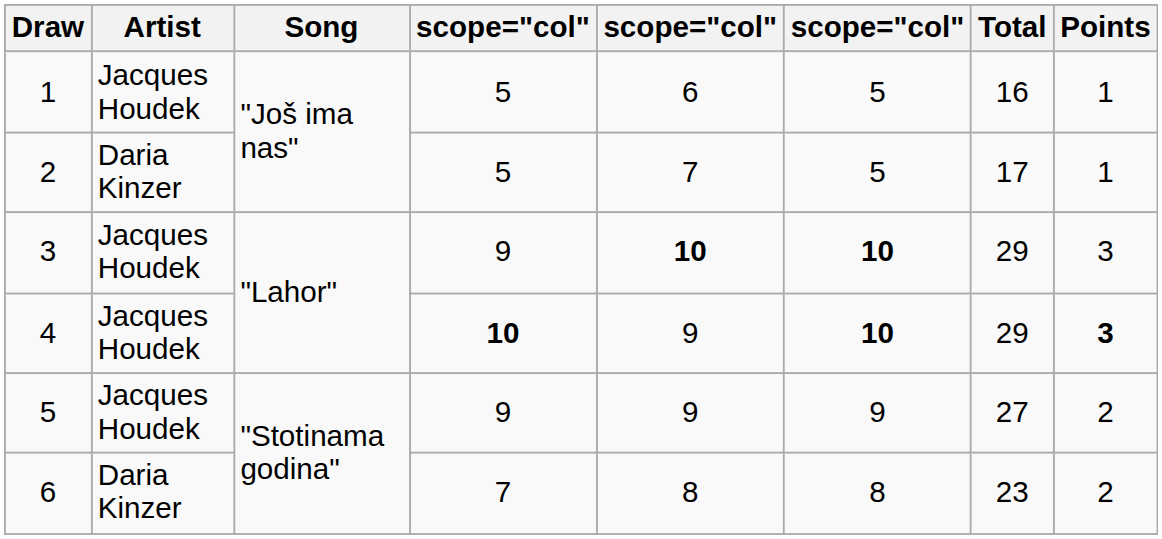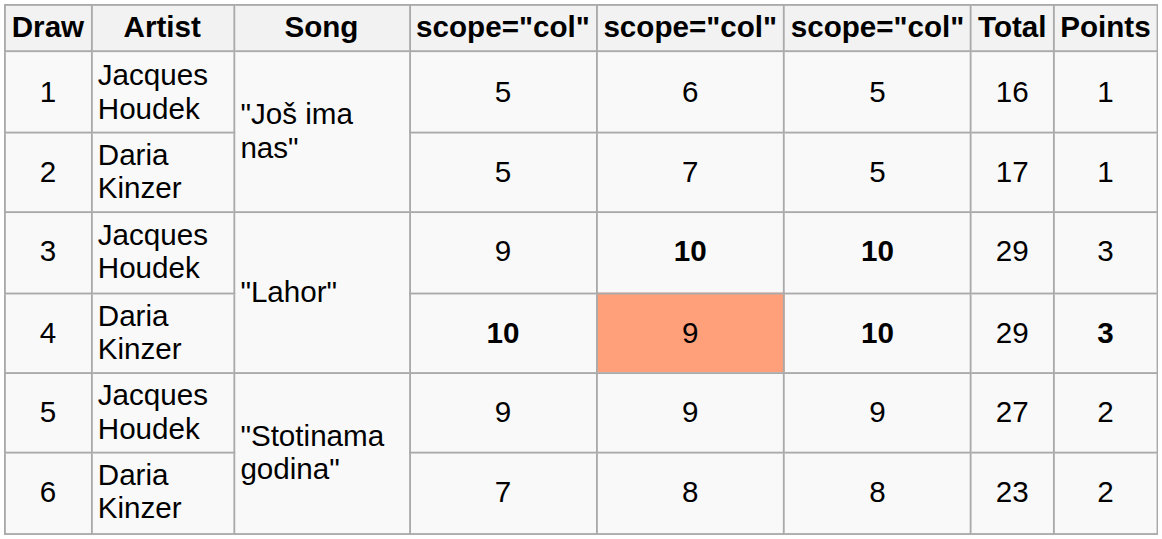 <table class="wikitable collapsible" style="margin: 1em auto 1em auto; text-align:center;">
 <tr>
 <th>Draw</th>
 <th>Artist</th>
 <th>Song</th>
 <th>scope="col" </th>
 <th>scope="col" </th>
 <th>scope="col" </th>
 <th>Total</th>
 <th>Points</th>
 </tr>
 <tr>
 <td>1</td>
 <td align="left">Jacques Houdek</td>
 <td rowspan="2" align="left">"Još ima nas"</td>
 <td>5</td>
 <td>6</td>
 <td>5</td>
 <td>16</td>
 <td>1</td>
 </tr>
 <tr>
 <td>2</td>
 <td align="left">Daria Kinzer</td>
 <td>5</td>
 <td>7</td>
 <td>5</td>
 <td>17</td>
 <td>1</td>
 </tr>
 <tr>
 <td>3</td>
 <td align="left">Jacques Houdek</td>
 <td rowspan="2" align="left">"Lahor"</td>
 <td>9</td>
 <td><strong>10</strong></td>
 <td><strong>10</strong></td>
 <td>29</td>
 <td>3</td>
 </tr>
 <tr>
 <td>4</td>
-<td align="left">Jacques Houdek</td>
+<td align="left">Daria Kinzer</td>
 <td><strong>10</strong></td>
-<td>9</td>
+<td style="background: lightsalmon;">9</td>
 <td><strong>10</strong></td>
 <td>29</td>
 <td><strong>3</strong></td>
 </tr>
 <tr>
 <td>5</td>
 <td align="left">Jacques Houdek</td>
 <td rowspan="2" align="left">"Stotinama godina"</td>
 <td>9</td>
 <td>9</td>
 <td>9</td>
 <td>27</td>
 <td>2</td>
 </tr>
 <tr>
 <td>6</td>
 <td align="left">Daria Kinzer</td>
 <td>7</td>
 <td>8</td>
 <td>8</td>
 <td>23</td>
 <td>2</td>
 </tr>
 </table>
